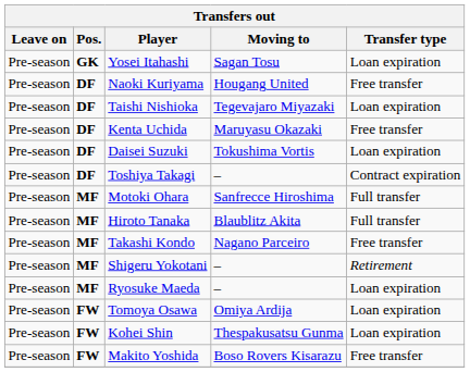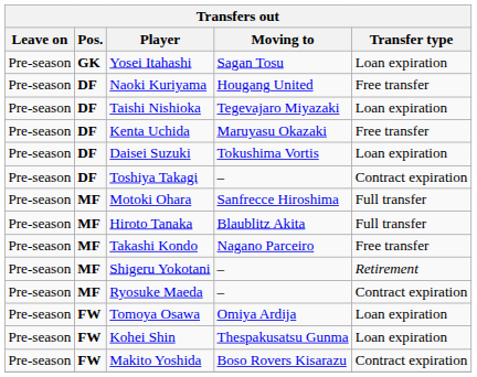 <table class="wikitable sortable" style=“text-align:left;>
 <tr>
 <th colspan="5">Transfers out</th>
 </tr>
 <tr>
 <th>Leave on</th>
 <th>Pos.</th>
 <th>Player</th>
 <th>Moving to</th>
 <th>Transfer type</th>
 </tr>
 <tr>
 <td>Pre-season</td>
 <td><strong>GK</strong></td>
 <td> <a href='#'>Yosei Itahashi</a></td>
 <td> <a href='#'>Sagan Tosu</a></td>
 <td>Loan expiration</td>
 </tr>
 <tr>
 <td>Pre-season</td>
 <td><strong>DF</strong></td>
 <td> <a href='#'>Naoki Kuriyama</a></td>
 <td> <a href='#'>Hougang United</a></td>
 <td>Free transfer</td>
 </tr>
 <tr>
 <td>Pre-season</td>
 <td><strong>DF</strong></td>
 <td> <a href='#'>Taishi Nishioka</a></td>
 <td> <a href='#'>Tegevajaro Miyazaki</a></td>
 <td>Loan expiration</td>
 </tr>
 <tr>
 <td>Pre-season</td>
 <td><strong>DF</strong></td>
 <td> <a href='#'>Kenta Uchida</a></td>
 <td> <a href='#'>Maruyasu Okazaki</a></td>
 <td>Free transfer</td>
 </tr>
 <tr>
 <td>Pre-season</td>
 <td><strong>DF</strong></td>
 <td> <a href='#'>Daisei Suzuki</a></td>
 <td> <a href='#'>Tokushima Vortis</a></td>
 <td>Loan expiration</td>
 </tr>
 <tr>
 <td>Pre-season</td>
 <td><strong>DF</strong></td>
 <td> <a href='#'>Toshiya Takagi</a></td>
 <td>–</td>
 <td>Contract expiration</td>
 </tr>
 <tr>
 <td>Pre-season</td>
 <td><strong>MF</strong></td>
 <td> <a href='#'>Motoki Ohara</a></td>
 <td> <a href='#'>Sanfrecce Hiroshima</a></td>
 <td>Full transfer</td>
 </tr>
 <tr>
 <td>Pre-season</td>
 <td><strong>MF</strong></td>
 <td> <a href='#'>Hiroto Tanaka</a></td>
 <td> <a href='#'>Blaublitz Akita</a></td>
 <td>Full transfer</td>
 </tr>
 <tr>
 <td>Pre-season</td>
 <td><strong>MF</strong></td>
 <td> <a href='#'>Takashi Kondo</a></td>
 <td> <a href='#'>Nagano Parceiro</a></td>
 <td>Free transfer</td>
 </tr>
 <tr>
 <td>Pre-season</td>
 <td><strong>MF</strong></td>
 <td> <a href='#'>Shigeru Yokotani</a></td>
 <td>–</td>
 <td><em>Retirement</em></td>
 </tr>
 <tr>
 <td>Pre-season</td>
 <td><strong>MF</strong></td>
 <td> <a href='#'>Ryosuke Maeda</a></td>
 <td>–</td>
-<td>Loan expiration</td>
+<td>Contract expiration</td>
 </tr>
 <tr>
 <td>Pre-season</td>
 <td><strong>FW</strong></td>
 <td> <a href='#'>Tomoya Osawa</a></td>
 <td> <a href='#'>Omiya Ardija</a></td>
 <td>Loan expiration</td>
 </tr>
 <tr>
 <td>Pre-season</td>
 <td><strong>FW</strong></td>
 <td> <a href='#'>Kohei Shin</a></td>
 <td> <a href='#'>Thespakusatsu Gunma</a></td>
 <td>Loan expiration</td>
 </tr>
 <tr>
 <td>Pre-season</td>
 <td><strong>FW</strong></td>
 <td> <a href='#'>Makito Yoshida</a></td>
 <td> <a href='#'>Boso Rovers Kisarazu</a></td>
-<td>Free transfer</td>
+<td>Contract expiration</td>
 </tr>
 <tr>
 </tr>
 </table>
